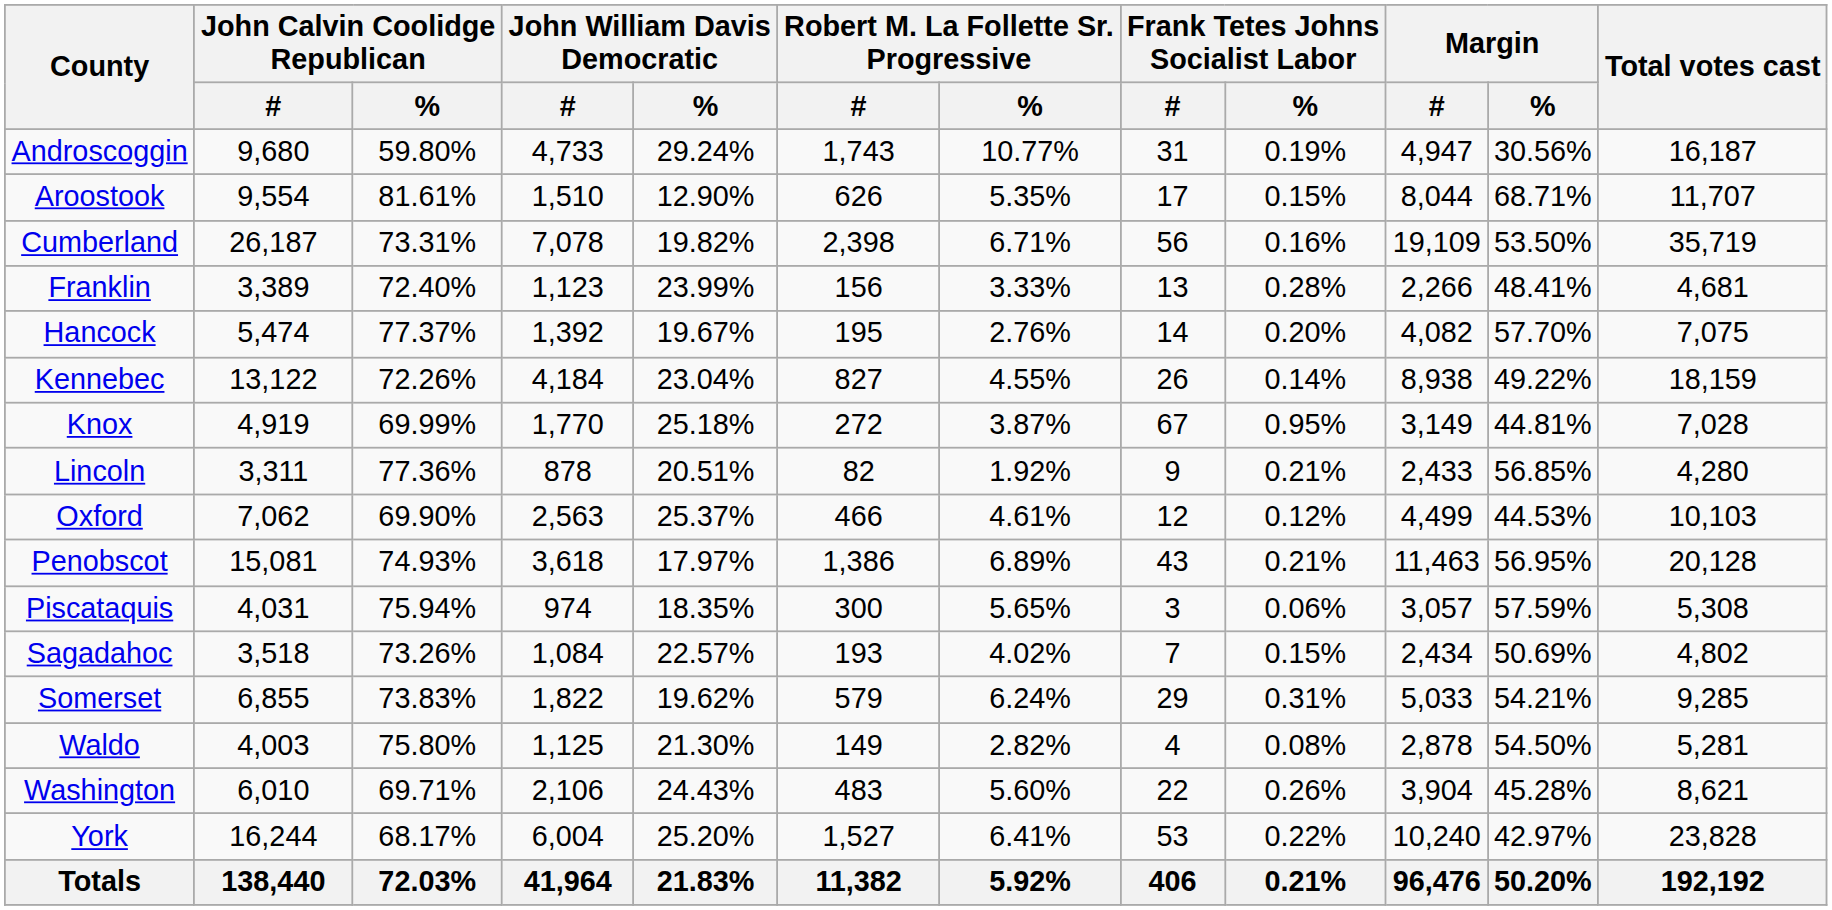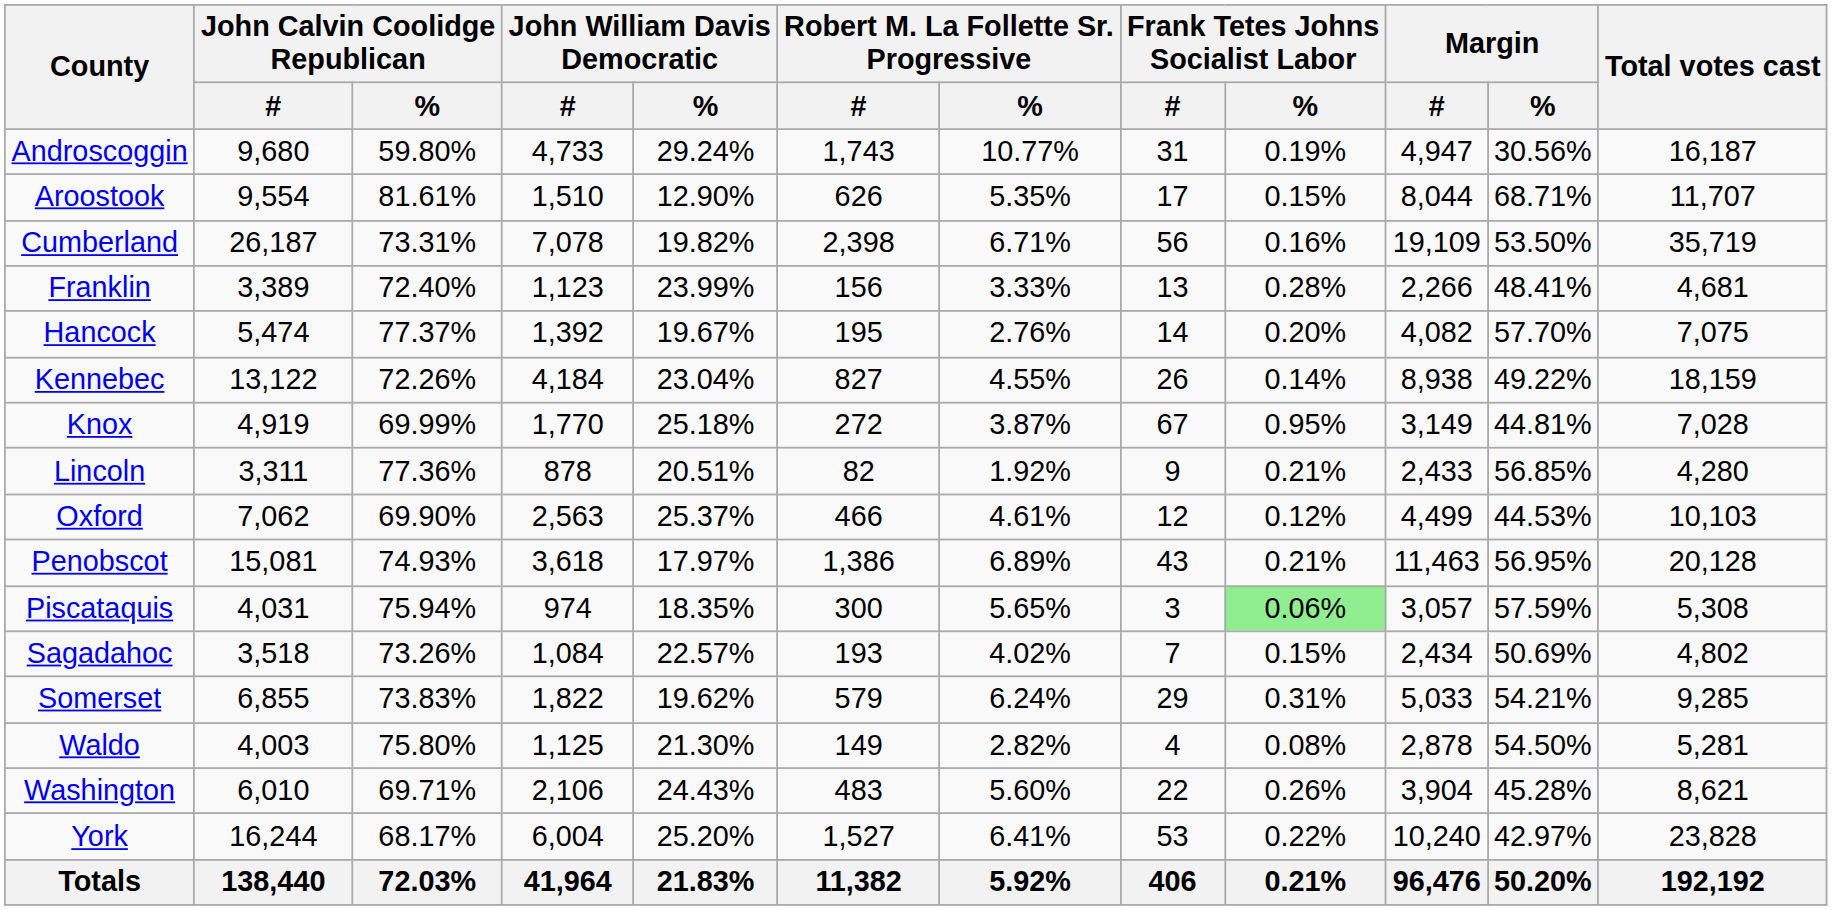 <table class="wikitable sortable">
 <tr>
 <th style="text-align:center;" rowspan="2">County</th>
 <th style="text-align:center;" colspan="2">John Calvin Coolidge<br>Republican</th>
 <th style="text-align:center;" colspan="2">John William Davis<br>Democratic</th>
 <th style="text-align:center;" colspan="2">Robert M. La Follette Sr.<br>Progressive</th>
 <th style="text-align:center;" colspan="2">Frank Tetes Johns<br>Socialist Labor</th>
 <th style="text-align:center;" colspan="2">Margin</th>
 <th style="text-align:center;" rowspan="2">Total votes cast</th>
 </tr>
 <tr>
 <th data-sort-type="number">#</th>
 <th data-sort-type="number">%</th>
 <th data-sort-type="number">#</th>
 <th data-sort-type="number">%</th>
 <th data-sort-type="number">#</th>
 <th data-sort-type="number">%</th>
 <th data-sort-type="number">#</th>
 <th data-sort-type="number">%</th>
 <th data-sort-type="number">#</th>
 <th data-sort-type="number">%</th>
 </tr>
 <tr style="text-align:center;">
 <td><a href='#'>Androscoggin</a></td>
 <td>9,680</td>
 <td>59.80%</td>
 <td>4,733</td>
 <td>29.24%</td>
 <td>1,743</td>
 <td>10.77%</td>
 <td>31</td>
 <td>0.19%</td>
 <td>4,947</td>
 <td>30.56%</td>
 <td>16,187</td>
 </tr>
 <tr style="text-align:center;">
 <td><a href='#'>Aroostook</a></td>
 <td>9,554</td>
 <td>81.61%</td>
 <td>1,510</td>
 <td>12.90%</td>
 <td>626</td>
 <td>5.35%</td>
 <td>17</td>
 <td>0.15%</td>
 <td>8,044</td>
 <td>68.71%</td>
 <td>11,707</td>
 </tr>
 <tr style="text-align:center;">
 <td><a href='#'>Cumberland</a></td>
 <td>26,187</td>
 <td>73.31%</td>
 <td>7,078</td>
 <td>19.82%</td>
 <td>2,398</td>
 <td>6.71%</td>
 <td>56</td>
 <td>0.16%</td>
 <td>19,109</td>
 <td>53.50%</td>
 <td>35,719</td>
 </tr>
 <tr style="text-align:center;">
 <td><a href='#'>Franklin</a></td>
 <td>3,389</td>
 <td>72.40%</td>
 <td>1,123</td>
 <td>23.99%</td>
 <td>156</td>
 <td>3.33%</td>
 <td>13</td>
 <td>0.28%</td>
 <td>2,266</td>
 <td>48.41%</td>
 <td>4,681</td>
 </tr>
 <tr style="text-align:center;">
 <td><a href='#'>Hancock</a></td>
 <td>5,474</td>
 <td>77.37%</td>
 <td>1,392</td>
 <td>19.67%</td>
 <td>195</td>
 <td>2.76%</td>
 <td>14</td>
 <td>0.20%</td>
 <td>4,082</td>
 <td>57.70%</td>
 <td>7,075</td>
 </tr>
 <tr style="text-align:center;">
 <td><a href='#'>Kennebec</a></td>
 <td>13,122</td>
 <td>72.26%</td>
 <td>4,184</td>
 <td>23.04%</td>
 <td>827</td>
 <td>4.55%</td>
 <td>26</td>
 <td>0.14%</td>
 <td>8,938</td>
 <td>49.22%</td>
 <td>18,159</td>
 </tr>
 <tr style="text-align:center;">
 <td><a href='#'>Knox</a></td>
 <td>4,919</td>
 <td>69.99%</td>
 <td>1,770</td>
 <td>25.18%</td>
 <td>272</td>
 <td>3.87%</td>
 <td>67</td>
 <td>0.95%</td>
 <td>3,149</td>
 <td>44.81%</td>
 <td>7,028</td>
 </tr>
 <tr style="text-align:center;">
 <td><a href='#'>Lincoln</a></td>
 <td>3,311</td>
 <td>77.36%</td>
 <td>878</td>
 <td>20.51%</td>
 <td>82</td>
 <td>1.92%</td>
 <td>9</td>
 <td>0.21%</td>
 <td>2,433</td>
 <td>56.85%</td>
 <td>4,280</td>
 </tr>
 <tr style="text-align:center;">
 <td><a href='#'>Oxford</a></td>
 <td>7,062</td>
 <td>69.90%</td>
 <td>2,563</td>
 <td>25.37%</td>
 <td>466</td>
 <td>4.61%</td>
 <td>12</td>
 <td>0.12%</td>
 <td>4,499</td>
 <td>44.53%</td>
 <td>10,103</td>
 </tr>
 <tr style="text-align:center;">
 <td><a href='#'>Penobscot</a></td>
 <td>15,081</td>
 <td>74.93%</td>
 <td>3,618</td>
 <td>17.97%</td>
 <td>1,386</td>
 <td>6.89%</td>
 <td>43</td>
 <td>0.21%</td>
 <td>11,463</td>
 <td>56.95%</td>
 <td>20,128</td>
 </tr>
 <tr style="text-align:center;">
 <td><a href='#'>Piscataquis</a></td>
 <td>4,031</td>
 <td>75.94%</td>
 <td>974</td>
 <td>18.35%</td>
 <td>300</td>
 <td>5.65%</td>
 <td>3</td>
-<td>0.06%</td>
+<td style="background: lightgreen;">0.06%</td>
 <td>3,057</td>
 <td>57.59%</td>
 <td>5,308</td>
 </tr>
 <tr style="text-align:center;">
 <td><a href='#'>Sagadahoc</a></td>
 <td>3,518</td>
 <td>73.26%</td>
 <td>1,084</td>
 <td>22.57%</td>
 <td>193</td>
 <td>4.02%</td>
 <td>7</td>
 <td>0.15%</td>
 <td>2,434</td>
 <td>50.69%</td>
 <td>4,802</td>
 </tr>
 <tr style="text-align:center;">
 <td><a href='#'>Somerset</a></td>
 <td>6,855</td>
 <td>73.83%</td>
 <td>1,822</td>
 <td>19.62%</td>
 <td>579</td>
 <td>6.24%</td>
 <td>29</td>
 <td>0.31%</td>
 <td>5,033</td>
 <td>54.21%</td>
 <td>9,285</td>
 </tr>
 <tr style="text-align:center;">
 <td><a href='#'>Waldo</a></td>
 <td>4,003</td>
 <td>75.80%</td>
 <td>1,125</td>
 <td>21.30%</td>
 <td>149</td>
 <td>2.82%</td>
 <td>4</td>
 <td>0.08%</td>
 <td>2,878</td>
 <td>54.50%</td>
 <td>5,281</td>
 </tr>
 <tr style="text-align:center;">
 <td><a href='#'>Washington</a></td>
 <td>6,010</td>
 <td>69.71%</td>
 <td>2,106</td>
 <td>24.43%</td>
 <td>483</td>
 <td>5.60%</td>
 <td>22</td>
 <td>0.26%</td>
 <td>3,904</td>
 <td>45.28%</td>
 <td>8,621</td>
 </tr>
 <tr style="text-align:center;">
 <td><a href='#'>York</a></td>
 <td>16,244</td>
 <td>68.17%</td>
 <td>6,004</td>
 <td>25.20%</td>
 <td>1,527</td>
 <td>6.41%</td>
 <td>53</td>
 <td>0.22%</td>
 <td>10,240</td>
 <td>42.97%</td>
 <td>23,828</td>
 </tr>
 <tr style="text-align:center;">
 <th>Totals</th>
 <th>138,440</th>
 <th>72.03%</th>
 <th>41,964</th>
 <th>21.83%</th>
 <th>11,382</th>
 <th>5.92%</th>
 <th>406</th>
 <th>0.21%</th>
 <th>96,476</th>
 <th>50.20%</th>
 <th>192,192</th>
 </tr>
 </table>
